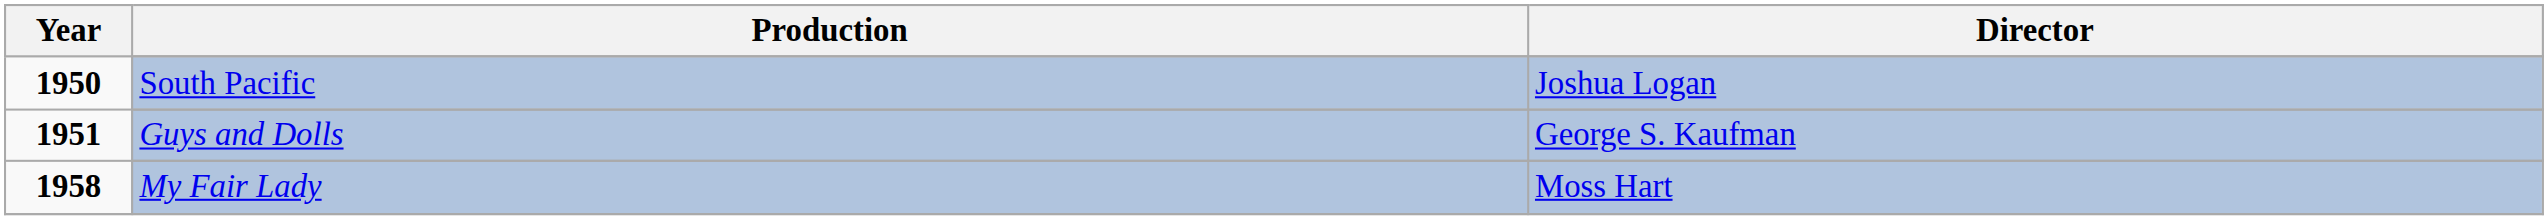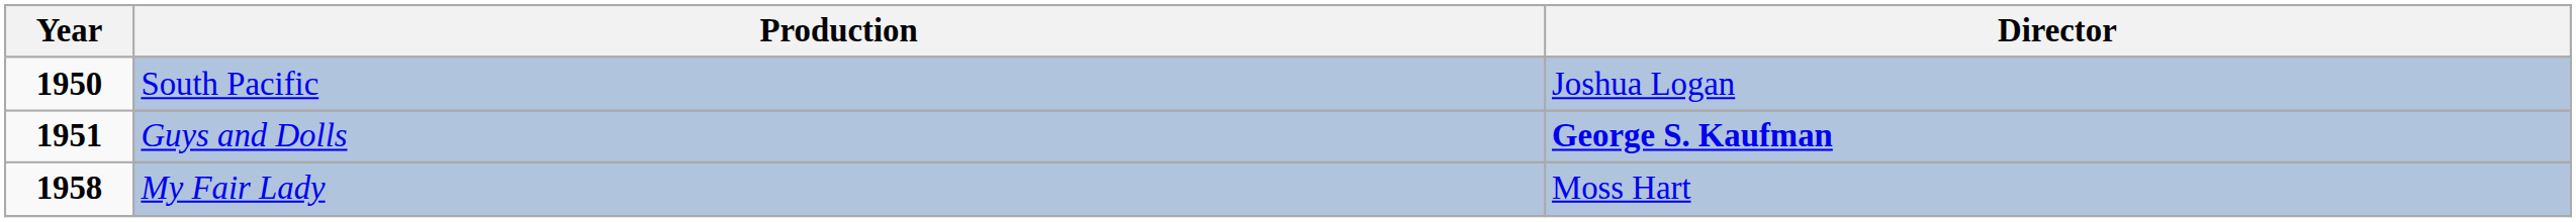 <table class="wikitable" style="width:98%;">
 <tr style="background:#bebebe;">
 <th style="width:5%;">Year</th>
 <th style="width:55%;">Production</th>
 <th style="width:40%;">Director</th>
 </tr>
 <tr>
 <td rowspan="2" align="center"><strong>1950</strong></td>
 </tr>
 <tr style="background:#B0C4DE">
 <td><em><a href='#'></em>South Pacific<em></a></em></td>
 <td><a href='#'>Joshua Logan</a></td>
 </tr>
 <tr>
 <td rowspan="2" align="center"><strong>1951</strong></td>
 </tr>
 <tr style="background:#B0C4DE">
 <td><em><a href='#'>Guys and Dolls</a></em></td>
-<td><a href='#'>George S. Kaufman</a></td>
+<td><strong><a href='#'>George S. Kaufman</a></strong></td>
 </tr>
 <tr>
 <td rowspan="2" align="center"><strong>1958</strong></td>
 </tr>
 <tr style="background:#B0C4DE">
 <td><em><a href='#'>My Fair Lady</a></em></td>
 <td><a href='#'>Moss Hart</a></td>
 </tr>
 <tr>
 </tr>
 </table>
